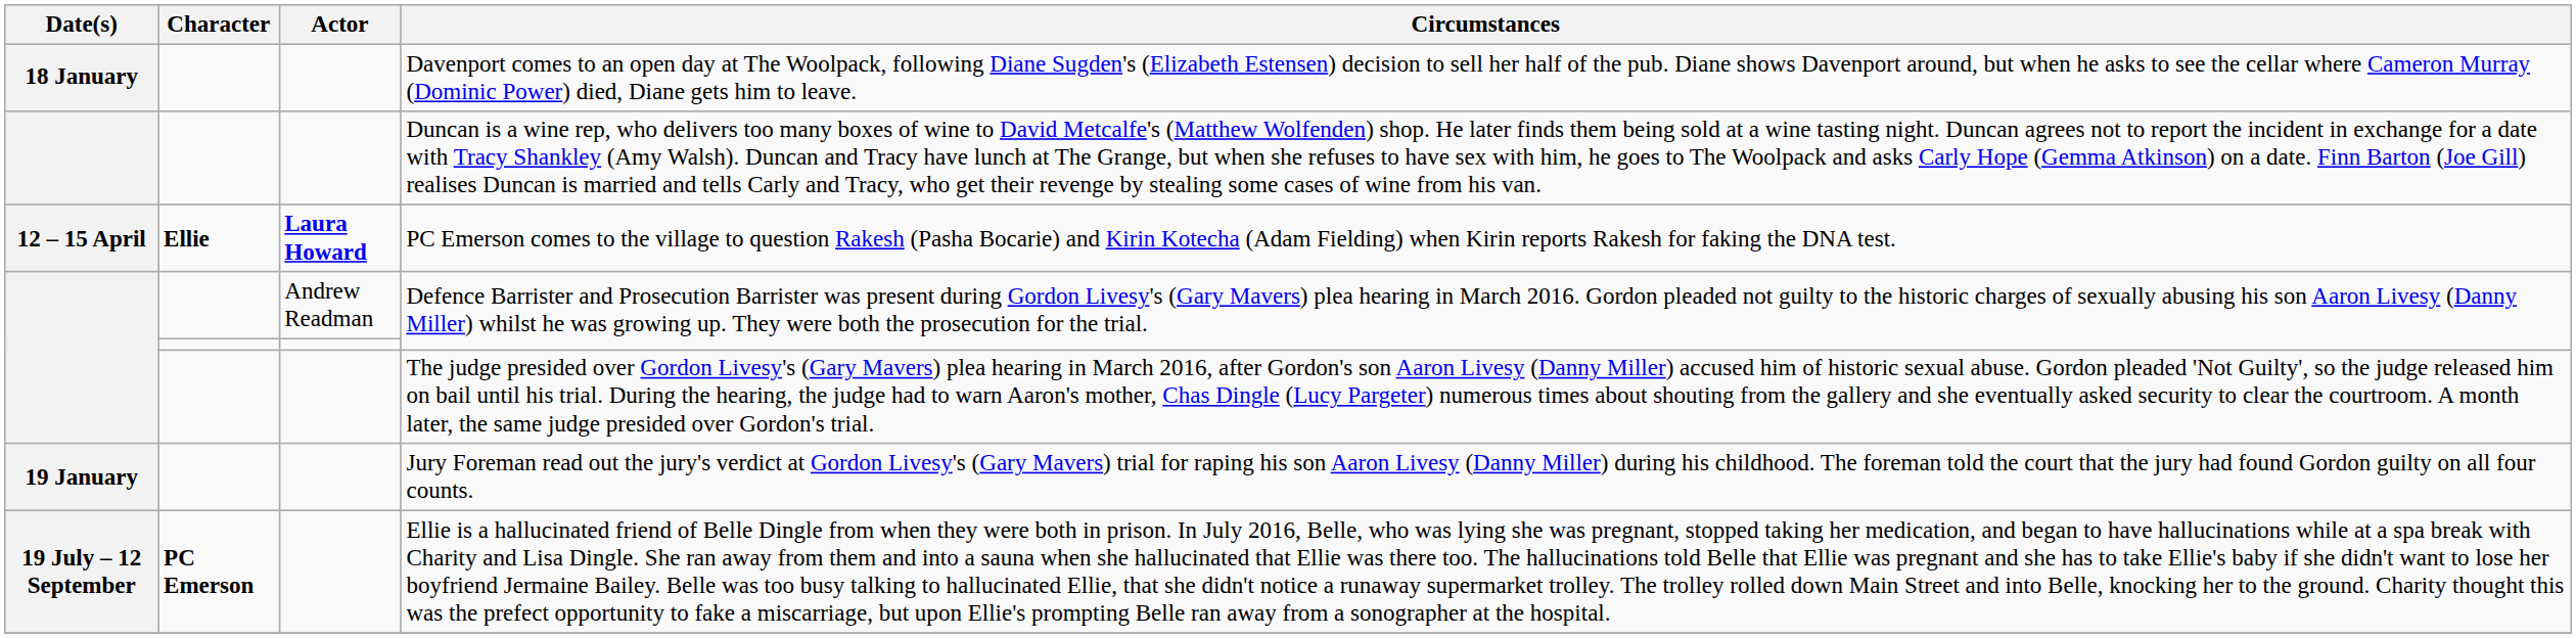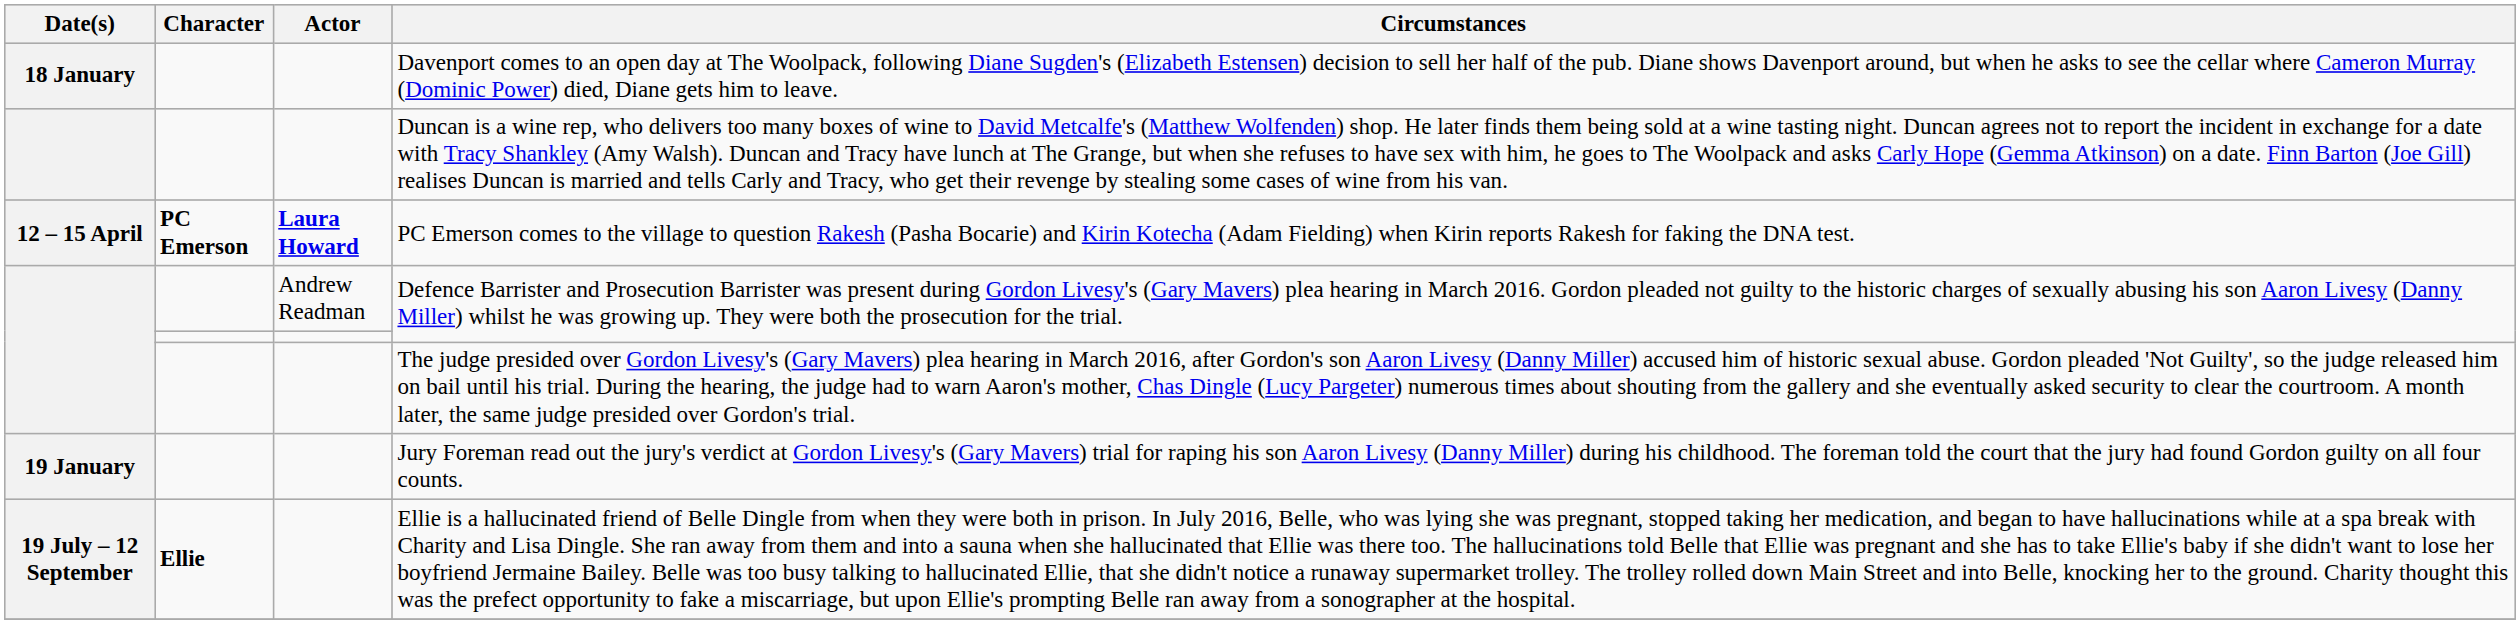 <table class="wikitable plainrowheaders" style="font-size:90%">
 <tr>
 <th scope="col">Date(s)</th>
 <th scope="col">Character</th>
 <th scope="col">Actor</th>
 <th scope="col">Circumstances</th>
 </tr>
 <tr>
 <th scope="row">18 January</th>
 <td></td>
 <td></td>
 <td>Davenport comes to an open day at The Woolpack, following <a href='#'>Diane Sugden</a>'s (<a href='#'>Elizabeth Estensen</a>) decision to sell her half of the pub. Diane shows Davenport around, but when he asks to see the cellar where <a href='#'>Cameron Murray</a> (<a href='#'>Dominic Power</a>) died, Diane gets him to leave.</td>
 </tr>
 <tr>
 <th scope="row"></th>
 <td></td>
 <td></td>
 <td>Duncan is a wine rep, who delivers too many boxes of wine to <a href='#'>David Metcalfe</a>'s (<a href='#'>Matthew Wolfenden</a>) shop. He later finds them being sold at a wine tasting night. Duncan agrees not to report the incident in exchange for a date with <a href='#'>Tracy Shankley</a> (Amy Walsh). Duncan and Tracy have lunch at The Grange, but when she refuses to have sex with him, he goes to The Woolpack and asks <a href='#'>Carly Hope</a> (<a href='#'>Gemma Atkinson</a>) on a date. <a href='#'>Finn Barton</a> (<a href='#'>Joe Gill</a>) realises Duncan is married and tells Carly and Tracy, who get their revenge by stealing some cases of wine from his van.</td>
 </tr>
 <tr>
 <th scope="row">12 – 15 April</th>
-<td><strong>Ellie</strong></td>
+<td><strong>PC Emerson</strong></td>
 <td><strong><a href='#'>Laura Howard</a></strong></td>
 <td>PC Emerson comes to the village to question <a href='#'>Rakesh</a> (Pasha Bocarie) and <a href='#'>Kirin Kotecha</a> (Adam Fielding) when Kirin reports Rakesh for faking the DNA test.</td>
 </tr>
 <tr>
 <th scope="row" rowspan="3"></th>
 <td></td>
 <td>Andrew Readman</td>
 <td rowspan="2">Defence Barrister and Prosecution Barrister was present during <a href='#'>Gordon Livesy</a>'s (<a href='#'>Gary Mavers</a>) plea hearing in March 2016. Gordon pleaded not guilty to the historic charges of sexually abusing his son <a href='#'>Aaron Livesy</a> (<a href='#'>Danny Miller</a>) whilst he was growing up. They were both the prosecution for the trial.</td>
 </tr>
 <tr>
 <td></td>
 <td></td>
 </tr>
 <tr>
 <td></td>
 <td></td>
 <td>The judge presided over <a href='#'>Gordon Livesy</a>'s (<a href='#'>Gary Mavers</a>) plea hearing in March 2016, after Gordon's son <a href='#'>Aaron Livesy</a> (<a href='#'>Danny Miller</a>) accused him of historic sexual abuse. Gordon pleaded 'Not Guilty', so the judge released him on bail until his trial. During the hearing, the judge had to warn Aaron's mother, <a href='#'>Chas Dingle</a> (<a href='#'>Lucy Pargeter</a>) numerous times about shouting from the gallery and she eventually asked security to clear the courtroom. A month later, the same judge presided over Gordon's trial.</td>
 </tr>
 <tr>
 <th scope="row">19 January</th>
 <td></td>
 <td></td>
 <td>Jury Foreman read out the jury's verdict at <a href='#'>Gordon Livesy</a>'s (<a href='#'>Gary Mavers</a>) trial for raping his son <a href='#'>Aaron Livesy</a> (<a href='#'>Danny Miller</a>) during his childhood. The foreman told the court that the jury had found Gordon guilty on all four counts.</td>
 </tr>
 <tr>
 <th scope="row">19 July – 12 September</th>
-<td><strong>PC Emerson</strong></td>
+<td><strong>Ellie</strong></td>
 <td></td>
 <td>Ellie is a hallucinated friend of Belle Dingle from when they were both in prison.  In July 2016, Belle, who was lying she was pregnant, stopped taking her medication, and began to have hallucinations while at a spa break with Charity and Lisa Dingle. She ran away from them and into a sauna when she hallucinated that Ellie was there too. The hallucinations told Belle that Ellie was pregnant and she has to take Ellie's baby if she didn't want to lose her boyfriend Jermaine Bailey. Belle was too busy talking to hallucinated Ellie, that she didn't notice a runaway supermarket trolley. The trolley rolled down Main Street and into Belle, knocking her to the ground. Charity thought this was the prefect opportunity to fake a miscarriage, but upon Ellie's prompting Belle ran away from a sonographer at the hospital.</td>
 </tr>
 <tr>
 </tr>
 </table>
